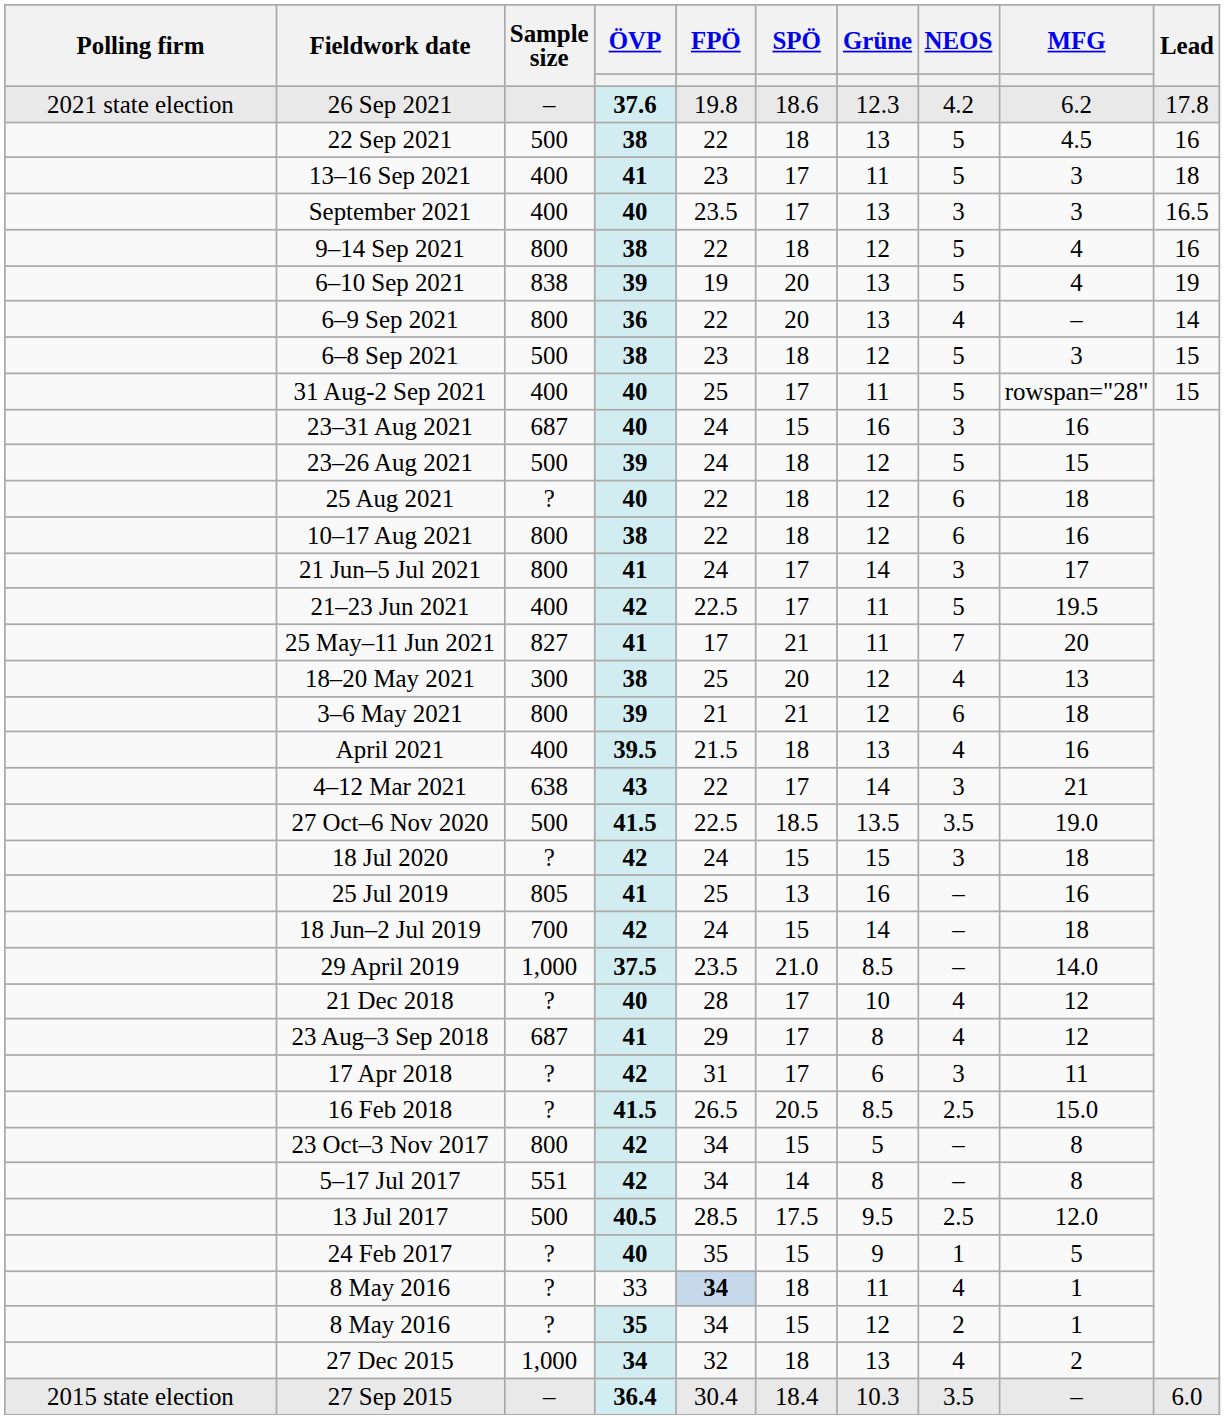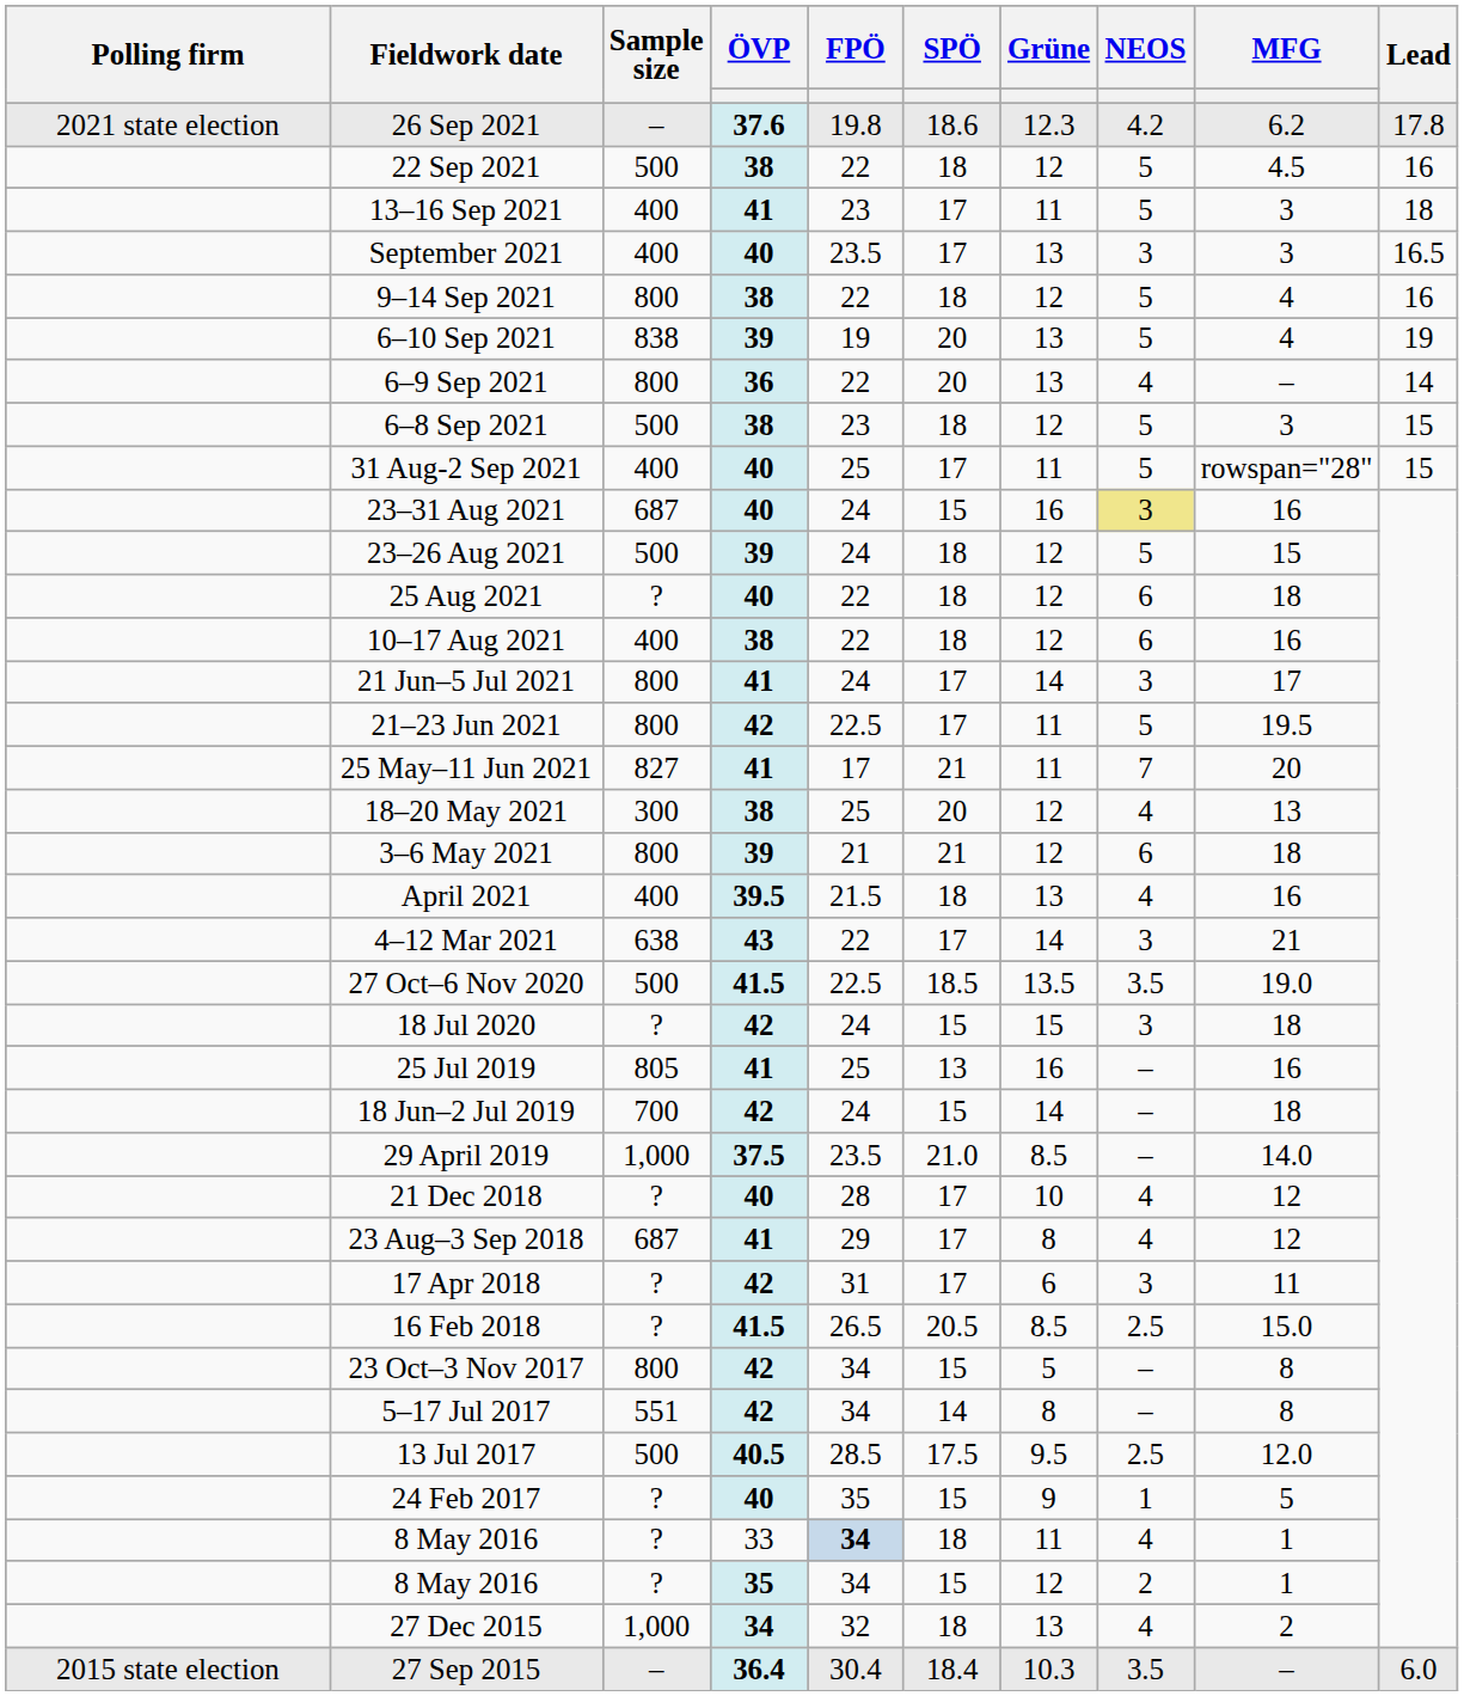 <table class="wikitable sortable" style="text-align:center;font-size:90%;line-height:14px;">
 <tr style="height:40px;">
 <th style="width:150px;" rowspan="2">Polling firm</th>
 <th style="width:125px;" rowspan="2">Fieldwork date</th>
 <th style="width:35px;" rowspan="2">Sample<br>size</th>
 <th class="unsortable" style="width:40px;"><a href='#'>ÖVP</a></th>
 <th class="unsortable" style="width:40px;"><a href='#'>FPÖ</a></th>
 <th class="unsortable" style="width:40px;"><a href='#'>SPÖ</a></th>
 <th class="unsortable" style="width:40px;"><a href='#'>Grüne</a></th>
 <th class="unsortable" style="width:40px;"><a href='#'>NEOS</a></th>
 <th class="unsortable" style="width:40px;"><a href='#'>MFG</a></th>
 <th style="width:30px;" rowspan="2">Lead</th>
 </tr>
 <tr>
 <th style="background:"></th>
 <th style="background:"></th>
 <th style="background:"></th>
 <th style="background:"></th>
 <th style="background:"></th>
 <th style="background:"></th>
 </tr>
 <tr style="background:#E9E9E9;">
 <td>2021 state election</td>
 <td data-sort-value="2021-09-26">26 Sep 2021</td>
 <td>–</td>
 <td style="background:#D2EDF1;"><strong>37.6</strong></td>
 <td>19.8</td>
 <td>18.6</td>
 <td>12.3</td>
 <td>4.2</td>
 <td>6.2</td>
 <td style="background:">17.8</td>
 </tr>
 <tr>
 <td></td>
 <td data-sort-value="2021-09-22">22 Sep 2021</td>
 <td>500</td>
 <td style="background:#D2EDF1;"><strong>38</strong></td>
 <td>22</td>
 <td>18</td>
-<td>13</td>
+<td>12</td>
 <td>5</td>
 <td>4.5</td>
 <td style="background:">16</td>
 </tr>
 <tr>
 <td></td>
 <td data-sort-value="2021-09-16">13–16 Sep 2021</td>
 <td>400</td>
 <td style="background:#D2EDF1;"><strong>41</strong></td>
 <td>23</td>
 <td>17</td>
 <td>11</td>
 <td>5</td>
 <td>3</td>
 <td style="background:">18</td>
 </tr>
 <tr>
 <td></td>
 <td data-sort-value="2021-09-15">September 2021</td>
 <td>400</td>
 <td style="background:#D2EDF1;"><strong>40</strong></td>
 <td>23.5</td>
 <td>17</td>
 <td>13</td>
 <td>3</td>
 <td>3</td>
 <td style="background:">16.5</td>
 </tr>
 <tr>
 <td></td>
 <td data-sort-value="2021-09-14">9–14 Sep 2021</td>
 <td>800</td>
 <td style="background:#D2EDF1;"><strong>38</strong></td>
 <td>22</td>
 <td>18</td>
 <td>12</td>
 <td>5</td>
 <td>4</td>
 <td style="background:">16</td>
 </tr>
 <tr>
 <td></td>
 <td data-sort-value="2021-09-10">6–10 Sep 2021</td>
 <td>838</td>
 <td style="background:#D2EDF1;"><strong>39</strong></td>
 <td>19</td>
 <td>20</td>
 <td>13</td>
 <td>5</td>
 <td>4</td>
 <td style="background:">19</td>
 </tr>
 <tr>
 <td></td>
 <td data-sort-value="2021-09-09">6–9 Sep 2021</td>
 <td>800</td>
 <td style="background:#D2EDF1;"><strong>36</strong></td>
 <td>22</td>
 <td>20</td>
 <td>13</td>
 <td>4</td>
 <td>–</td>
 <td style="background:">14</td>
 </tr>
 <tr>
 <td></td>
 <td data-sort-value="2021-09-08">6–8 Sep 2021</td>
 <td>500</td>
 <td style="background:#D2EDF1;"><strong>38</strong></td>
 <td>23</td>
 <td>18</td>
 <td>12</td>
 <td>5</td>
 <td>3</td>
 <td style="background:">15</td>
 </tr>
 <tr>
 <td></td>
 <td data-sort-value="2021-09-02">31 Aug-2 Sep 2021</td>
 <td>400</td>
 <td style="background:#D2EDF1;"><strong>40</strong></td>
 <td>25</td>
 <td>17</td>
 <td>11</td>
 <td>5</td>
 <td>rowspan="28" </td>
 <td style="background:">15</td>
 </tr>
 <tr>
 <td></td>
 <td data-sort-value="2021-08-31">23–31 Aug 2021</td>
 <td>687</td>
 <td style="background:#D2EDF1;"><strong>40</strong></td>
 <td>24</td>
 <td>15</td>
 <td>16</td>
-<td>3</td>
+<td style="background: khaki;">3</td>
 <td style="background:">16</td>
 </tr>
 <tr>
 <td></td>
 <td data-sort-value="2021-08-26">23–26 Aug 2021</td>
 <td>500</td>
 <td style="background:#D2EDF1;"><strong>39</strong></td>
 <td>24</td>
 <td>18</td>
 <td>12</td>
 <td>5</td>
 <td style="background:">15</td>
 </tr>
 <tr>
 <td></td>
 <td data-sort-value="2021-08-25">25 Aug 2021</td>
 <td>?</td>
 <td style="background:#D2EDF1;"><strong>40</strong></td>
 <td>22</td>
 <td>18</td>
 <td>12</td>
 <td>6</td>
 <td style="background:">18</td>
 </tr>
 <tr>
 <td></td>
 <td data-sort-value="2021-08-17">10–17 Aug 2021</td>
-<td>800</td>
+<td>400</td>
 <td style="background:#D2EDF1;"><strong>38</strong></td>
 <td>22</td>
 <td>18</td>
 <td>12</td>
 <td>6</td>
 <td style="background:">16</td>
 </tr>
 <tr>
 <td></td>
 <td data-sort-value="2021-07-05">21 Jun–5 Jul 2021</td>
 <td>800</td>
 <td style="background:#D2EDF1;"><strong>41</strong></td>
 <td>24</td>
 <td>17</td>
 <td>14</td>
 <td>3</td>
 <td style="background:">17</td>
 </tr>
 <tr>
 <td></td>
 <td data-sort-value="2021-06-23">21–23 Jun 2021</td>
-<td>400</td>
+<td>800</td>
 <td style="background:#D2EDF1;"><strong>42</strong></td>
 <td>22.5</td>
 <td>17</td>
 <td>11</td>
 <td>5</td>
 <td style="background:">19.5</td>
 </tr>
 <tr>
 <td></td>
 <td data-sort-value="2021-06-11">25 May–11 Jun 2021</td>
 <td>827</td>
 <td style="background:#D2EDF1;"><strong>41</strong></td>
 <td>17</td>
 <td>21</td>
 <td>11</td>
 <td>7</td>
 <td style="background:">20</td>
 </tr>
 <tr>
 <td></td>
 <td data-sort-value="2021-05-20">18–20 May 2021</td>
 <td>300</td>
 <td style="background:#D2EDF1;"><strong>38</strong></td>
 <td>25</td>
 <td>20</td>
 <td>12</td>
 <td>4</td>
 <td style="background:">13</td>
 </tr>
 <tr>
 <td></td>
 <td data-sort-value="2021-05-06">3–6 May 2021</td>
 <td>800</td>
 <td style="background:#D2EDF1;"><strong>39</strong></td>
 <td>21</td>
 <td>21</td>
 <td>12</td>
 <td>6</td>
 <td style="background:">18</td>
 </tr>
 <tr>
 <td></td>
 <td data-sort-value="2021-04-30">April 2021</td>
 <td>400</td>
 <td style="background:#D2EDF1;"><strong>39.5</strong></td>
 <td>21.5</td>
 <td>18</td>
 <td>13</td>
 <td>4</td>
 <td style="background:">16</td>
 </tr>
 <tr>
 <td></td>
 <td data-sort-value="2021-03-12">4–12 Mar 2021</td>
 <td>638</td>
 <td style="background:#D2EDF1;"><strong>43</strong></td>
 <td>22</td>
 <td>17</td>
 <td>14</td>
 <td>3</td>
 <td style="background:">21</td>
 </tr>
 <tr>
 <td></td>
 <td data-sort-value="2020-11-21">27 Oct–6 Nov 2020</td>
 <td>500</td>
 <td style="background:#D2EDF1;"><strong>41.5</strong></td>
 <td>22.5</td>
 <td>18.5</td>
 <td>13.5</td>
 <td>3.5</td>
 <td style="background:">19.0</td>
 </tr>
 <tr>
 <td></td>
 <td data-sort-value="2020-07-18">18 Jul 2020</td>
 <td>?</td>
 <td style="background:#D2EDF1;"><strong>42</strong></td>
 <td>24</td>
 <td>15</td>
 <td>15</td>
 <td>3</td>
 <td style="background:">18</td>
 </tr>
 <tr>
 <td></td>
 <td data-sort-value="2019-07-25">25 Jul 2019</td>
 <td>805</td>
 <td style="background:#D2EDF1;"><strong>41</strong></td>
 <td>25</td>
 <td>13</td>
 <td>16</td>
 <td>–</td>
 <td style="background:">16</td>
 </tr>
 <tr>
 <td></td>
 <td data-sort-value="2019-07-08">18 Jun–2 Jul 2019</td>
 <td>700</td>
 <td style="background:#D2EDF1;"><strong>42</strong></td>
 <td>24</td>
 <td>15</td>
 <td>14</td>
 <td>–</td>
 <td style="background:">18</td>
 </tr>
 <tr>
 <td></td>
 <td data-sort-value="2019-04-29">29 April 2019</td>
 <td>1,000</td>
 <td style="background:#D2EDF1;"><strong>37.5</strong></td>
 <td>23.5</td>
 <td>21.0</td>
 <td>8.5</td>
 <td>–</td>
 <td style="background:">14.0</td>
 </tr>
 <tr>
 <td></td>
 <td data-sort-value="2018-12-21">21 Dec 2018</td>
 <td>?</td>
 <td style="background:#D2EDF1;"><strong>40</strong></td>
 <td>28</td>
 <td>17</td>
 <td>10</td>
 <td>4</td>
 <td style="background:">12</td>
 </tr>
 <tr>
 <td></td>
 <td data-sort-value="2018-09-03">23 Aug–3 Sep 2018</td>
 <td>687</td>
 <td style="background:#D2EDF1;"><strong>41</strong></td>
 <td>29</td>
 <td>17</td>
 <td>8</td>
 <td>4</td>
 <td style="background:">12</td>
 </tr>
 <tr>
 <td></td>
 <td data-sort-value="2018-04-17">17 Apr 2018</td>
 <td>?</td>
 <td style="background:#D2EDF1;"><strong>42</strong></td>
 <td>31</td>
 <td>17</td>
 <td>6</td>
 <td>3</td>
 <td style="background:">11</td>
 </tr>
 <tr>
 <td></td>
 <td data-sort-value="2018-02-16">16 Feb 2018</td>
 <td>?</td>
 <td style="background:#D2EDF1;"><strong>41.5</strong></td>
 <td>26.5</td>
 <td>20.5</td>
 <td>8.5</td>
 <td>2.5</td>
 <td style="background:">15.0</td>
 </tr>
 <tr>
 <td></td>
 <td data-sort-value="2017-11-18">23 Oct–3 Nov 2017</td>
 <td>800</td>
 <td style="background:#D2EDF1;"><strong>42</strong></td>
 <td>34</td>
 <td>15</td>
 <td>5</td>
 <td>–</td>
 <td style="background:">8</td>
 </tr>
 <tr>
 <td></td>
 <td data-sort-value="2017-07-22">5–17 Jul 2017</td>
 <td>551</td>
 <td style="background:#D2EDF1;"><strong>42</strong></td>
 <td>34</td>
 <td>14</td>
 <td>8</td>
 <td>–</td>
 <td style="background:">8</td>
 </tr>
 <tr>
 <td></td>
 <td data-sort-value="2017-07-13">13 Jul 2017</td>
 <td>500</td>
 <td style="background:#D2EDF1;"><strong>40.5</strong></td>
 <td>28.5</td>
 <td>17.5</td>
 <td>9.5</td>
 <td>2.5</td>
 <td style="background:">12.0</td>
 </tr>
 <tr>
 <td></td>
 <td data-sort-value="2017-02-24">24 Feb 2017</td>
 <td>?</td>
 <td style="background:#D2EDF1;"><strong>40</strong></td>
 <td>35</td>
 <td>15</td>
 <td>9</td>
 <td>1</td>
 <td style="background:">5</td>
 </tr>
 <tr>
 <td></td>
 <td data-sort-value="2016-09-10">8 May 2016</td>
 <td>?</td>
 <td>33</td>
 <td style="background:#C6D9EA;"><strong>34</strong></td>
 <td>18</td>
 <td>11</td>
 <td>4</td>
 <td style="background:">1</td>
 </tr>
 <tr>
 <td></td>
 <td data-sort-value="2016-05-08">8 May 2016</td>
 <td>?</td>
 <td style="background:#D2EDF1;"><strong>35</strong></td>
 <td>34</td>
 <td>15</td>
 <td>12</td>
 <td>2</td>
 <td style="background:">1</td>
 </tr>
 <tr>
 <td></td>
 <td data-sort-value="2015-12-27">27 Dec 2015</td>
 <td>1,000</td>
 <td style="background:#D2EDF1;"><strong>34</strong></td>
 <td>32</td>
 <td>18</td>
 <td>13</td>
 <td>4</td>
 <td style="background:">2</td>
 </tr>
 <tr style="background:#E9E9E9;">
 <td>2015 state election</td>
 <td data-sort-value="2015-09-27">27 Sep 2015</td>
 <td>–</td>
 <td style="background:#D2EDF1;"><strong>36.4</strong></td>
 <td>30.4</td>
 <td>18.4</td>
 <td>10.3</td>
 <td>3.5</td>
 <td>–</td>
 <td style="background:">6.0</td>
 </tr>
 </table>
